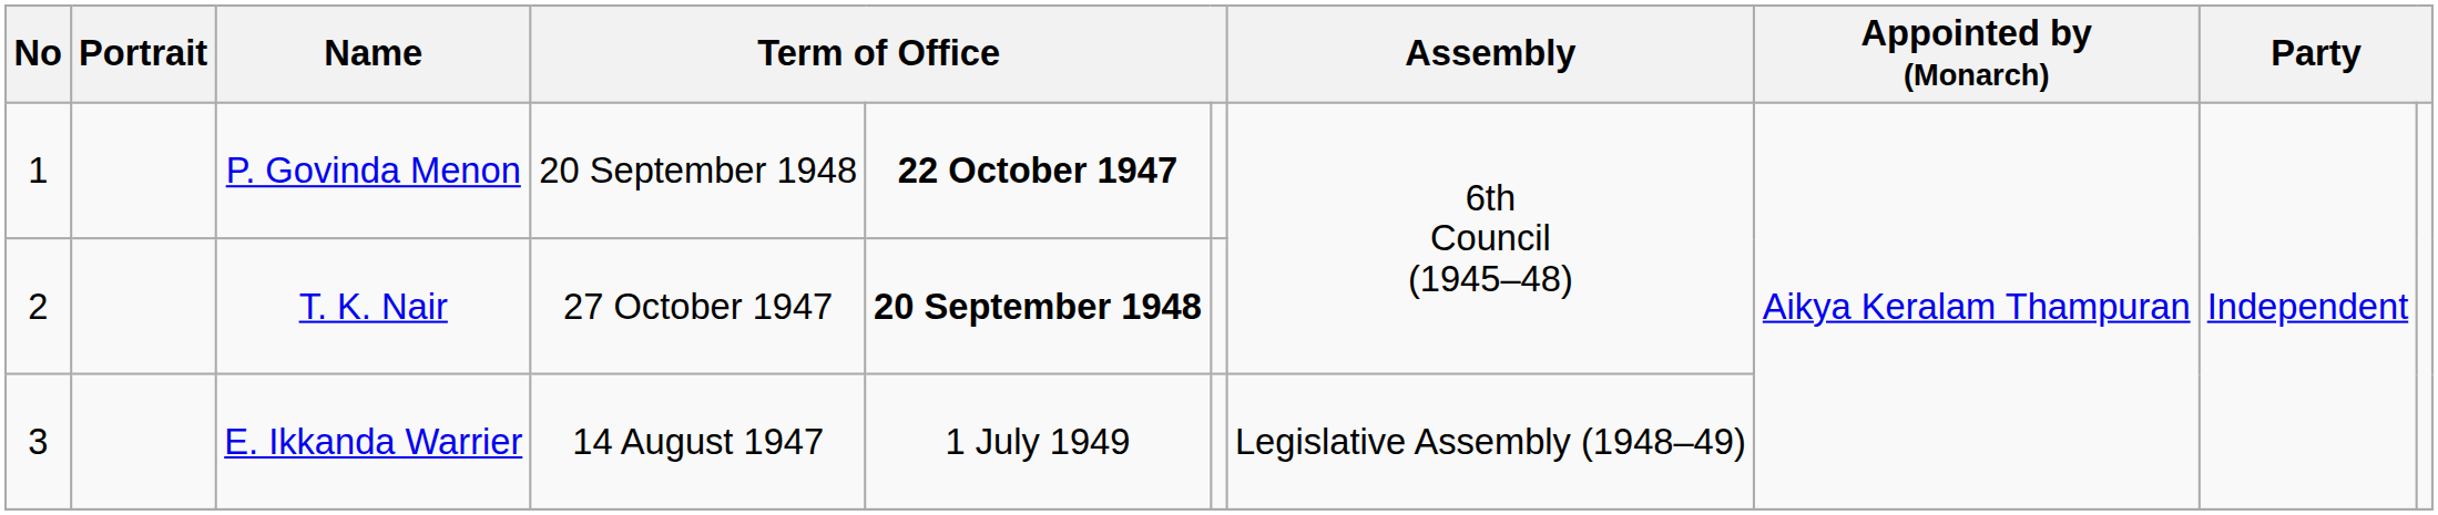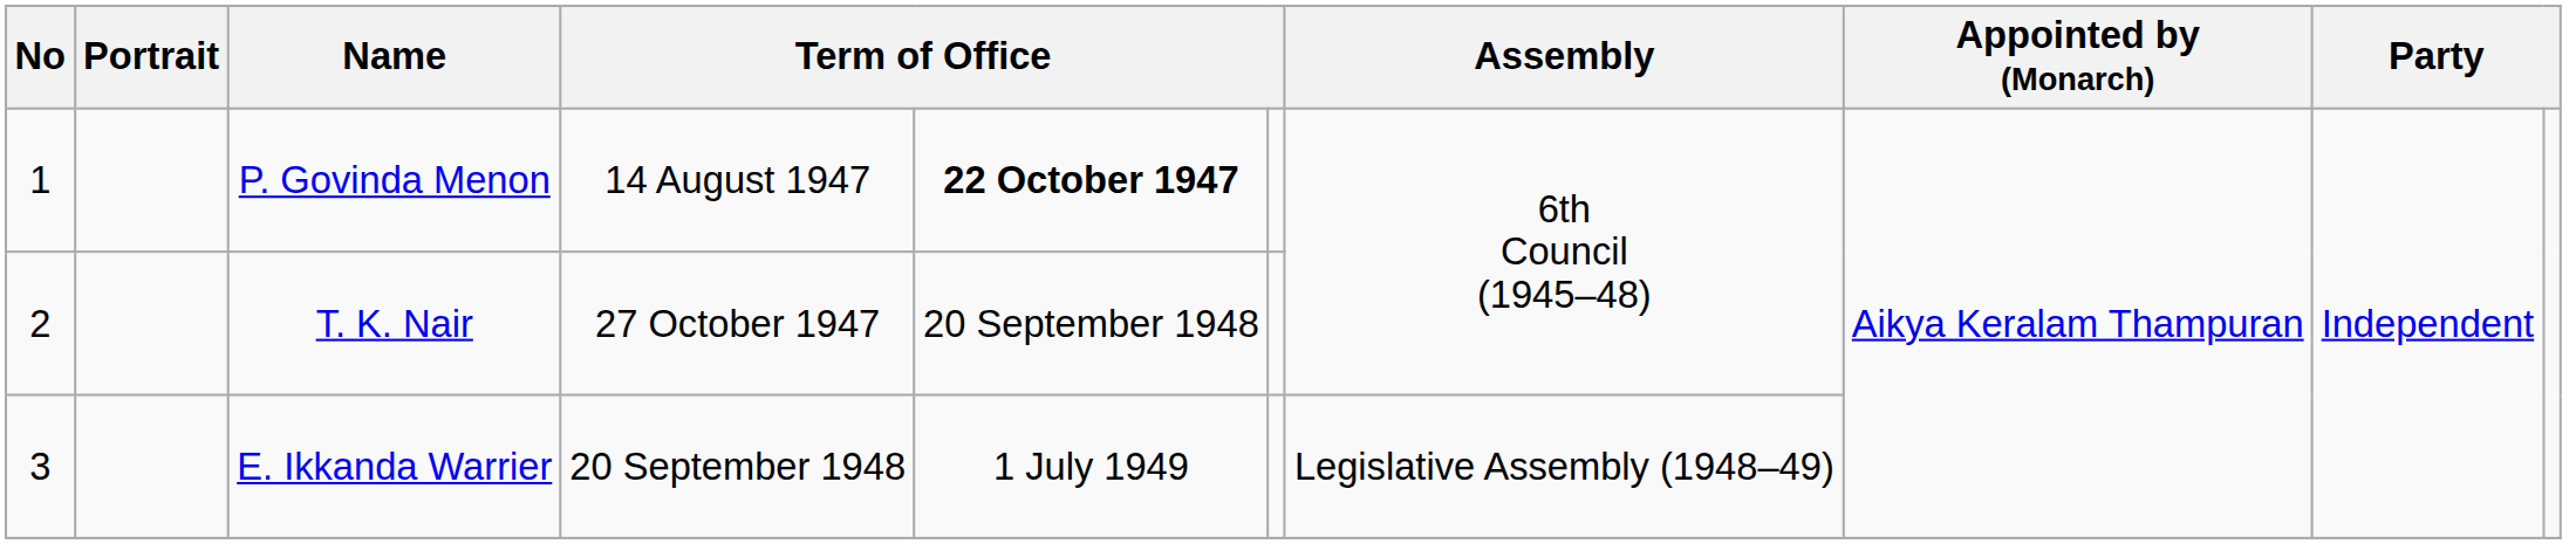 <table class="wikitable" style=text-align:center>
 <tr>
 <th>No</th>
 <th>Portrait</th>
 <th>Name</th>
 <th colspan="3">Term of Office</th>
 <th>Assembly</th>
 <th>Appointed by<br><small>(Monarch)</small></th>
 <th colspan="2">Party</th>
 </tr>
 <tr style="height: 60px;">
 <td>1</td>
 <td></td>
 <td><a href='#'>P. Govinda Menon</a></td>
-<td>20 September 1948</td>
+<td>14 August 1947</td>
 <td><strong>22 October 1947</strong></td>
 <td></td>
 <td rowspan="2">6th<br>Council<br>(1945–48)</td>
 <td rowspan="3"><a href='#'>Aikya Keralam Thampuran</a></td>
 <td rowspan="3"><a href='#'>Independent</a></td>
 <td rowspan="3" style="background-color: "></td>
 </tr>
 <tr style="height: 60px;">
 <td>2</td>
 <td></td>
 <td><a href='#'>T. K. Nair</a></td>
 <td>27 October 1947</td>
-<td><strong>20 September 1948</strong></td>
+<td>20 September 1948</td>
 <td></td>
 </tr>
 <tr style="height: 60px;">
 <td>3</td>
 <td></td>
 <td><a href='#'>E. Ikkanda Warrier</a></td>
-<td>14 August 1947</td>
+<td>20 September 1948</td>
 <td>1 July 1949</td>
 <td></td>
 <td>Legislative Assembly (1948–49)</td>
 </tr>
 <tr>
 </tr>
 </table>
